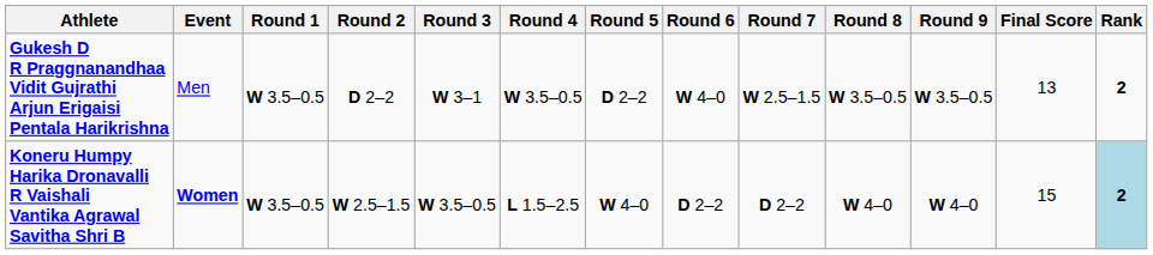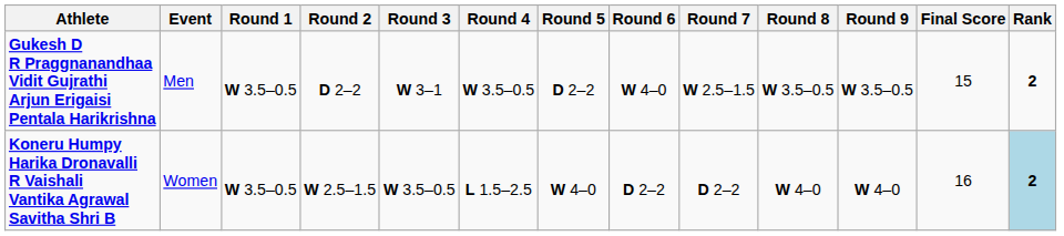 <table class="wikitable sortable collapsible" style="text-align:center; font-size:80%">
 <tr>
 <th>Athlete</th>
 <th>Event</th>
 <th>Round 1</th>
 <th>Round 2</th>
 <th>Round 3</th>
 <th>Round 4</th>
 <th>Round 5</th>
 <th>Round 6</th>
 <th>Round 7</th>
 <th>Round 8</th>
 <th>Round 9</th>
 <th>Final Score</th>
 <th>Rank</th>
 </tr>
 <tr>
 <td style="text-align:left"><strong><a href='#'>Gukesh D</a></strong><br><strong><a href='#'>R Praggnanandhaa</a></strong><br><strong><a href='#'>Vidit Gujrathi</a></strong><br><strong><a href='#'>Arjun Erigaisi</a></strong><br><strong><a href='#'>Pentala Harikrishna</a></strong></td>
 <td style="text-align:left"><a href='#'>Men</a></td>
 <td><br><strong>W</strong> 3.5–0.5</td>
 <td><br><strong>D</strong> 2–2</td>
 <td><br><strong>W</strong> 3–1</td>
 <td><br><strong>W</strong> 3.5–0.5</td>
 <td><br><strong>D</strong> 2–2</td>
 <td><br><strong>W</strong> 4–0</td>
 <td><br><strong>W</strong> 2.5–1.5</td>
 <td><br><strong>W</strong> 3.5–0.5</td>
 <td><br><strong>W</strong> 3.5–0.5</td>
-<td>13</td>
+<td>15</td>
 <td><strong>2</strong></td>
 </tr>
 <tr>
 <td style="text-align:left"><strong><a href='#'>Koneru Humpy</a></strong><br><strong><a href='#'>Harika Dronavalli</a></strong><br><strong><a href='#'>R Vaishali</a></strong><br><strong><a href='#'>Vantika Agrawal</a></strong><br><strong><a href='#'>Savitha Shri B</a></strong></td>
-<td style="text-align:left"><strong><a href='#'>Women</a></strong></td>
+<td style="text-align:left"><a href='#'>Women</a></td>
 <td><br><strong>W</strong> 3.5–0.5</td>
 <td><br><strong>W</strong> 2.5–1.5</td>
 <td><br><strong>W</strong> 3.5–0.5</td>
 <td><br><strong>L</strong> 1.5–2.5</td>
 <td><br><strong>W</strong> 4–0</td>
 <td><br><strong>D</strong> 2–2</td>
 <td><br><strong>D</strong> 2–2</td>
 <td><br><strong>W</strong> 4–0</td>
 <td><br><strong>W</strong> 4–0</td>
-<td>15</td>
+<td>16</td>
 <td style="background: lightblue;"><strong>2</strong></td>
 </tr>
 </table>
